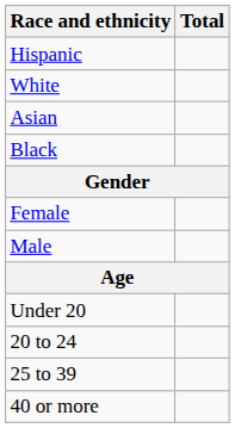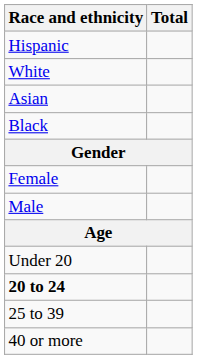 <table class="wikitable sortable collapsible"; text-align:right; font-size:80%;">
 <tr>
 <th>Race and ethnicity</th>
 <th colspan="2" data-sort-type=number>Total</th>
 </tr>
 <tr>
 <td><a href='#'>Hispanic</a></td>
 <td align=right></td>
 </tr>
 <tr>
 <td><a href='#'>White</a></td>
 <td align=right></td>
 </tr>
 <tr>
 <td><a href='#'>Asian</a></td>
 <td align=right></td>
 </tr>
 <tr>
 <td><a href='#'>Black</a></td>
 <td align=right></td>
 </tr>
 <tr>
 <th colspan="4" data-sort-type=number>Gender</th>
 </tr>
 <tr>
 <td><a href='#'>Female</a></td>
 <td align=right></td>
 </tr>
 <tr>
 <td><a href='#'>Male</a></td>
 <td align=right></td>
 </tr>
 <tr>
 <th colspan="4" data-sort-type=number>Age</th>
 </tr>
 <tr>
 <td>Under 20</td>
 <td align=right></td>
 </tr>
 <tr>
-<td>20 to 24</td>
+<td><strong>20 to 24</strong></td>
 <td align=right></td>
 </tr>
 <tr>
 <td>25 to 39</td>
 <td align=right></td>
 </tr>
 <tr>
 <td>40 or more</td>
 <td align=right></td>
 </tr>
 </table>
